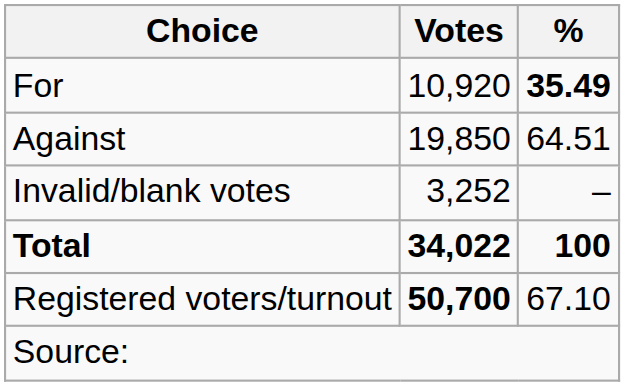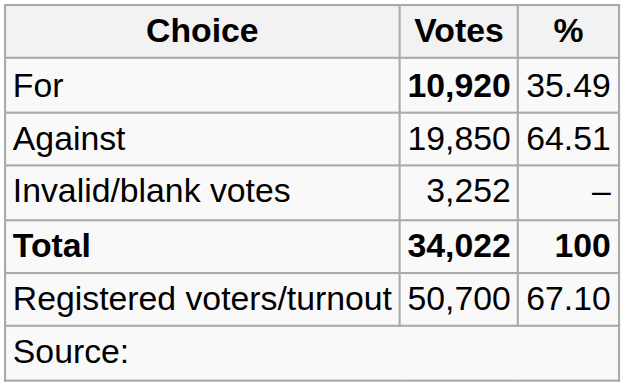 <table class=wikitable style=text-align:right>
 <tr>
 <th>Choice</th>
 <th>Votes</th>
 <th>%</th>
 </tr>
 <tr>
 <td align=left>For</td>
-<td>10,920</td>
-<td><strong>35.49</strong></td>
+<td><strong>10,920</strong></td>
+<td>35.49</td>
 </tr>
 <tr>
 <td align=left>Against</td>
 <td>19,850</td>
 <td>64.51</td>
 </tr>
 <tr>
 <td align=left>Invalid/blank votes</td>
 <td>3,252</td>
 <td>–</td>
 </tr>
 <tr>
 <td align=left><strong>Total</strong></td>
 <td><strong>34,022</strong></td>
 <td><strong>100</strong></td>
 </tr>
 <tr>
 <td align=left>Registered voters/turnout</td>
-<td><strong>50,700</strong></td>
+<td>50,700</td>
 <td>67.10</td>
 </tr>
 <tr>
 <td align=left colspan=3>Source: </td>
 </tr>
 </table>
